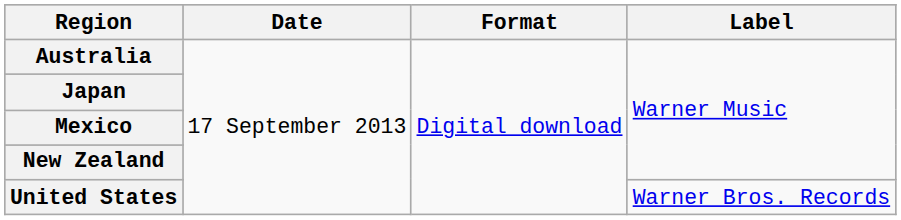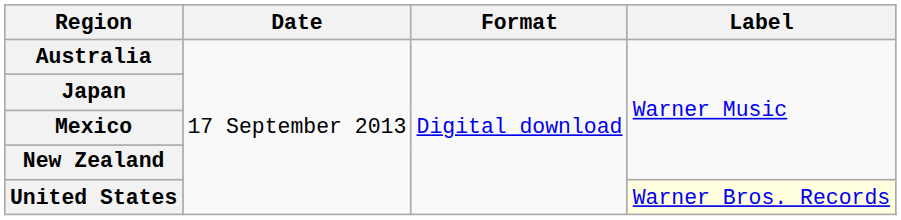 <table class="wikitable sortable plainrowheaders">
 <tr>
 <th scope="col">Region</th>
 <th scope="col">Date</th>
 <th scope="col">Format</th>
 <th scope="col">Label</th>
 </tr>
 <tr>
 <th scope="row">Australia</th>
 <td rowspan="5">17 September 2013</td>
 <td rowspan="5"><a href='#'>Digital download</a></td>
 <td rowspan="4"><a href='#'>Warner Music</a></td>
 </tr>
 <tr>
 <th scope="row">Japan</th>
 </tr>
 <tr>
 <th scope="row">Mexico</th>
 </tr>
 <tr>
 <th scope="row">New Zealand</th>
 </tr>
 <tr>
 <th scope="row">United States</th>
-<td><a href='#'>Warner Bros. Records</a></td>
+<td style="background: lightyellow;"><a href='#'>Warner Bros. Records</a></td>
 </tr>
 </table>
